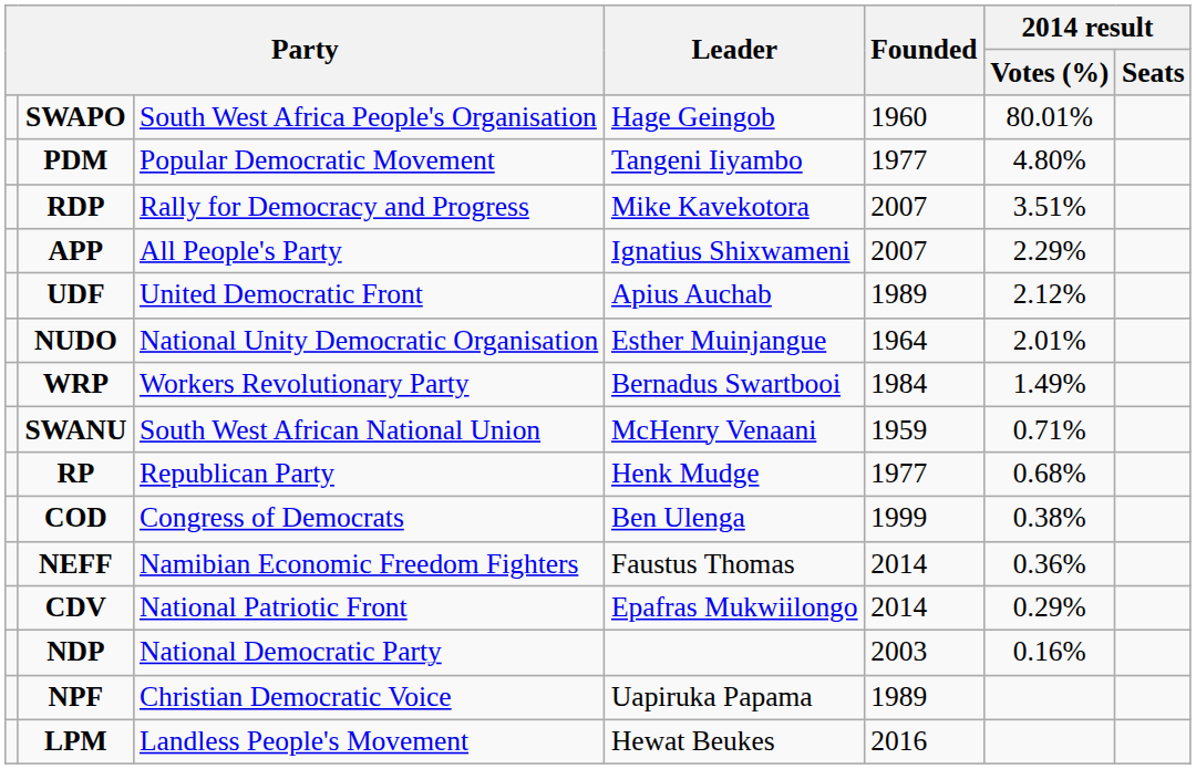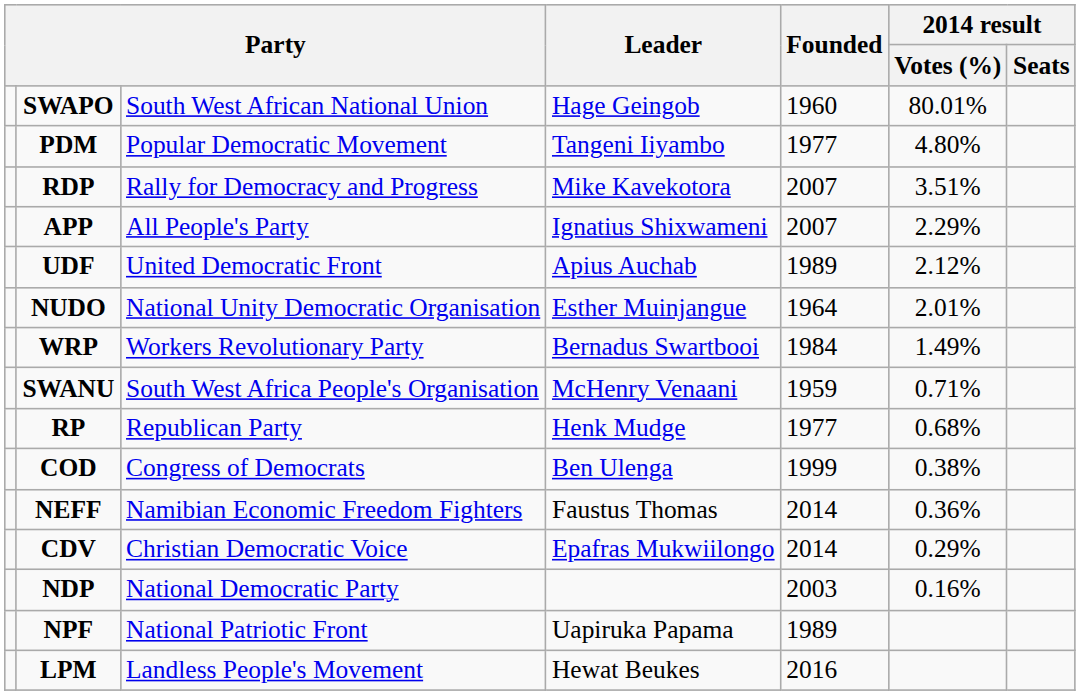 <table class="wikitable">
 <tr>
 <th rowspan="2" colspan="3">Party</th>
 <th rowspan="2">Leader</th>
 <th rowspan="2">Founded</th>
 <th colspan="2">2014 result</th>
 </tr>
 <tr>
 <th>Votes (%)</th>
 <th>Seats</th>
 </tr>
 <tr>
 <td style="background:"></td>
 <td style="text-align:center;"><strong>SWAPO</strong></td>
-<td><a href='#'>South West Africa People's Organisation</a></td>
+<td><a href='#'>South West African National Union</a></td>
 <td><a href='#'>Hage Geingob</a></td>
 <td>1960</td>
 <td style="text-align:center;">80.01%</td>
 <td></td>
 </tr>
 <tr>
 <td style="background:"></td>
 <td style="text-align:center;"><strong>PDM</strong></td>
 <td><a href='#'>Popular Democratic Movement</a></td>
 <td><a href='#'>Tangeni Iiyambo</a></td>
 <td>1977</td>
 <td style="text-align:center;">4.80%</td>
 <td></td>
 </tr>
 <tr>
 <td style="background:"></td>
 <td style="text-align:center;"><strong>RDP</strong></td>
 <td><a href='#'>Rally for Democracy and Progress</a></td>
 <td><a href='#'>Mike Kavekotora</a></td>
 <td>2007</td>
 <td style="text-align:center;">3.51%</td>
 <td></td>
 </tr>
 <tr>
 <td style="background:"></td>
 <td style="text-align:center;"><strong>APP</strong></td>
 <td><a href='#'>All People's Party</a></td>
 <td><a href='#'>Ignatius Shixwameni</a></td>
 <td>2007</td>
 <td style="text-align:center;">2.29%</td>
 <td></td>
 </tr>
 <tr>
 <td style="background:"></td>
 <td style="text-align:center;"><strong>UDF</strong></td>
 <td><a href='#'>United Democratic Front</a></td>
 <td><a href='#'>Apius Auchab</a></td>
 <td>1989</td>
 <td style="text-align:center;">2.12%</td>
 <td></td>
 </tr>
 <tr>
 <td style="background:"></td>
 <td style="text-align:center;"><strong>NUDO</strong></td>
 <td><a href='#'>National Unity Democratic Organisation</a></td>
 <td><a href='#'>Esther Muinjangue</a></td>
 <td>1964</td>
 <td style="text-align:center;">2.01%</td>
 <td></td>
 </tr>
 <tr>
 <td style="background:"></td>
 <td style="text-align:center;"><strong>WRP</strong></td>
 <td><a href='#'>Workers Revolutionary Party</a></td>
 <td><a href='#'>Bernadus Swartbooi</a></td>
 <td>1984</td>
 <td style="text-align:center;">1.49%</td>
 <td></td>
 </tr>
 <tr>
 <td style="background:"></td>
 <td style="text-align:center;"><strong>SWANU</strong></td>
-<td><a href='#'>South West African National Union</a></td>
+<td><a href='#'>South West Africa People's Organisation</a></td>
 <td><a href='#'>McHenry Venaani</a></td>
 <td>1959</td>
 <td style="text-align:center;">0.71%</td>
 <td></td>
 </tr>
 <tr>
 <td style="background:"></td>
 <td style="text-align:center;"><strong>RP</strong></td>
 <td><a href='#'>Republican Party</a></td>
 <td><a href='#'>Henk Mudge</a></td>
 <td>1977</td>
 <td style="text-align:center;">0.68%</td>
 <td></td>
 </tr>
 <tr>
 <td style="background:"></td>
 <td style="text-align:center;"><strong>COD</strong></td>
 <td><a href='#'>Congress of Democrats</a></td>
 <td><a href='#'>Ben Ulenga</a></td>
 <td>1999</td>
 <td style="text-align:center;">0.38%</td>
 <td></td>
 </tr>
 <tr>
 <td style="background:"></td>
 <td style="text-align:center;"><strong>NEFF</strong></td>
 <td><a href='#'>Namibian Economic Freedom Fighters</a></td>
 <td>Faustus Thomas</td>
 <td>2014</td>
 <td style="text-align:center;">0.36%</td>
 <td></td>
 </tr>
 <tr>
 <td style="background:"></td>
 <td style="text-align:center;"><strong>CDV</strong></td>
-<td><a href='#'>National Patriotic Front</a></td>
+<td><a href='#'>Christian Democratic Voice</a></td>
 <td><a href='#'>Epafras Mukwiilongo</a></td>
 <td>2014</td>
 <td style="text-align:center;">0.29%</td>
 <td></td>
 </tr>
 <tr>
 <td style="background:"></td>
 <td style="text-align:center;"><strong>NDP</strong></td>
 <td><a href='#'>National Democratic Party</a></td>
 <td></td>
 <td>2003</td>
 <td style="text-align:center;">0.16%</td>
 <td></td>
 </tr>
 <tr>
 <td style="background:"></td>
 <td style="text-align:center;"><strong>NPF</strong></td>
-<td><a href='#'>Christian Democratic Voice</a></td>
+<td><a href='#'>National Patriotic Front</a></td>
 <td>Uapiruka Papama</td>
 <td>1989</td>
 <td></td>
 <td></td>
 </tr>
 <tr>
 <td style="background:"></td>
 <td style="text-align:center;"><strong>LPM</strong></td>
 <td><a href='#'>Landless People's Movement</a></td>
 <td>Hewat Beukes</td>
 <td>2016</td>
 <td></td>
 <td></td>
 </tr>
 </table>
